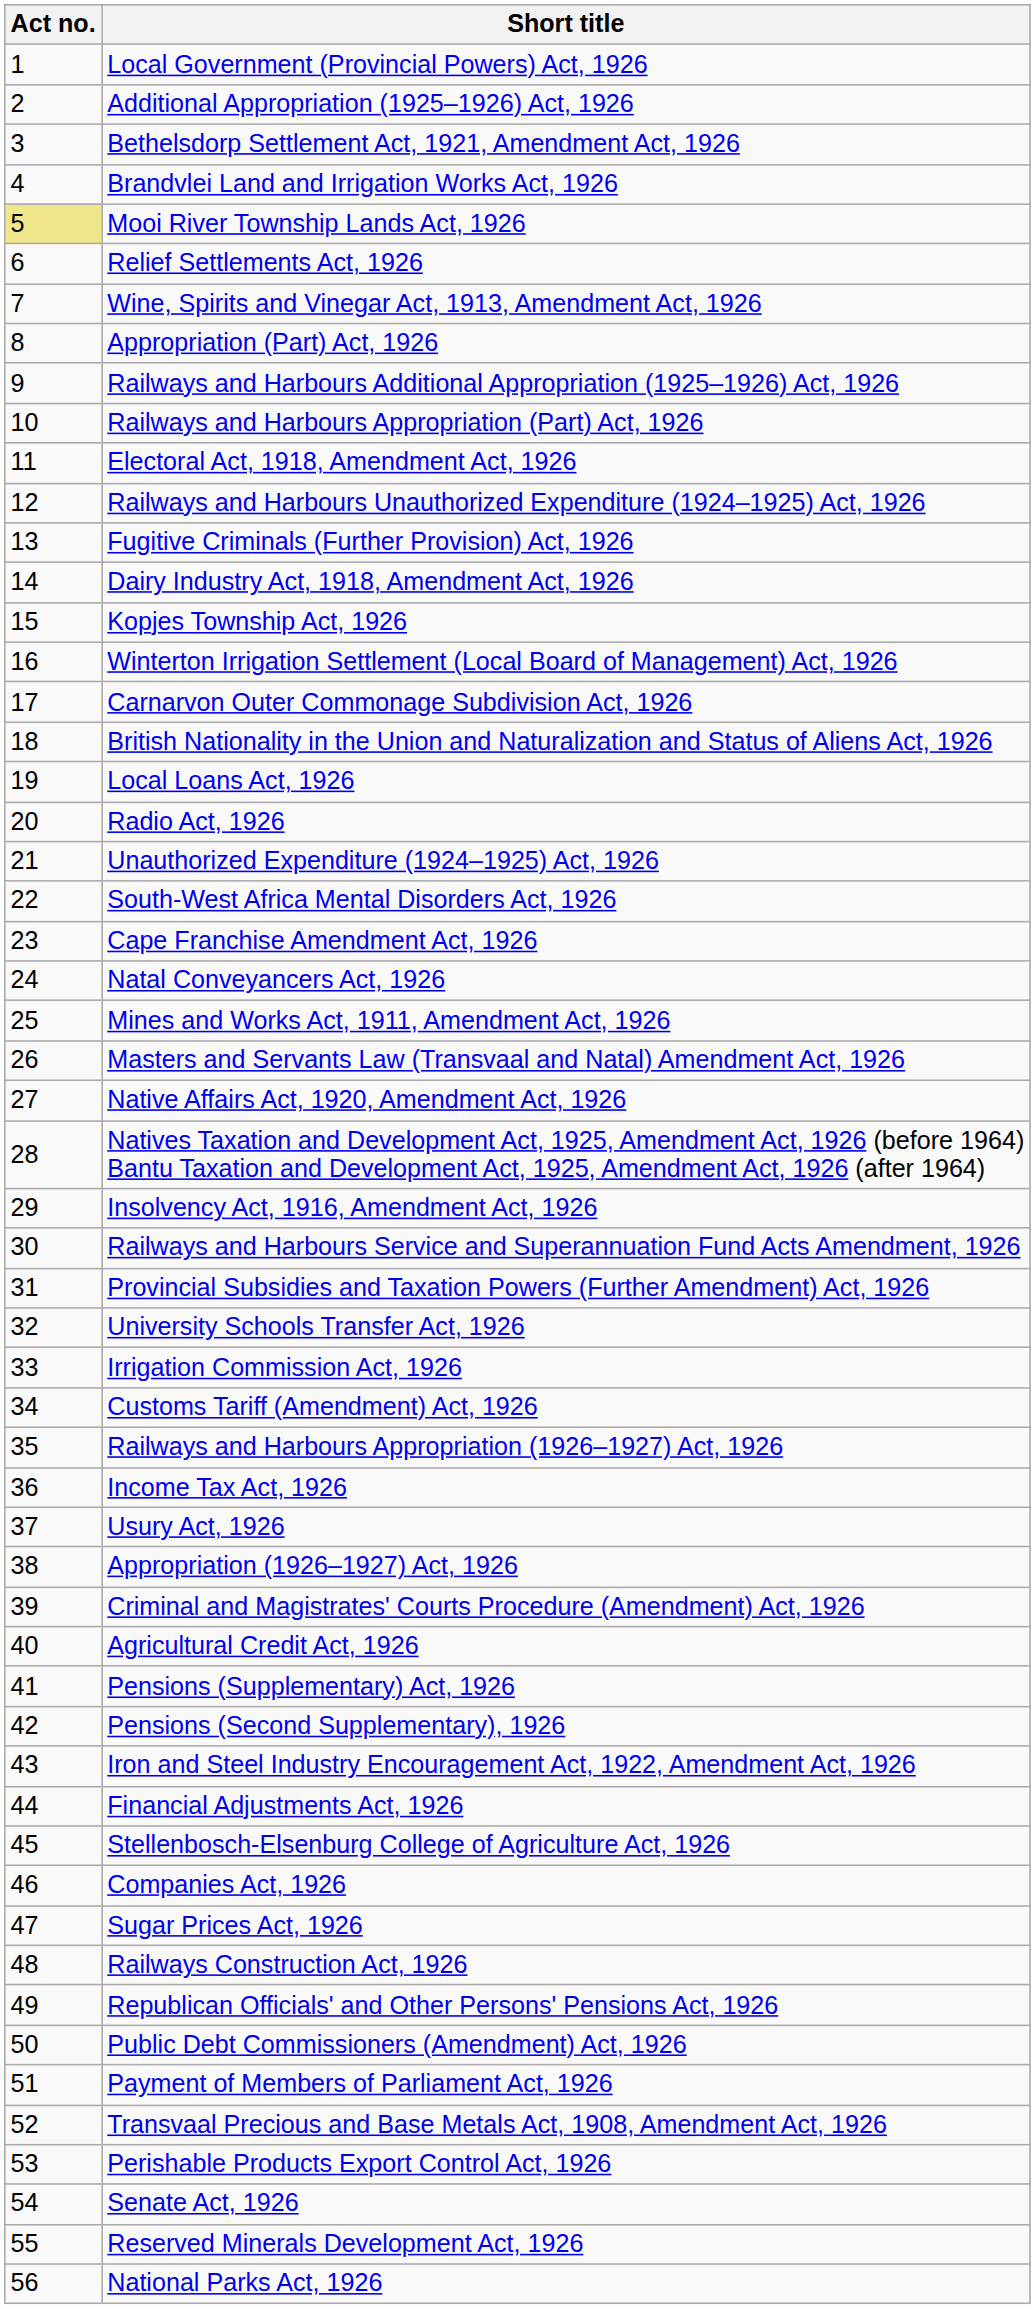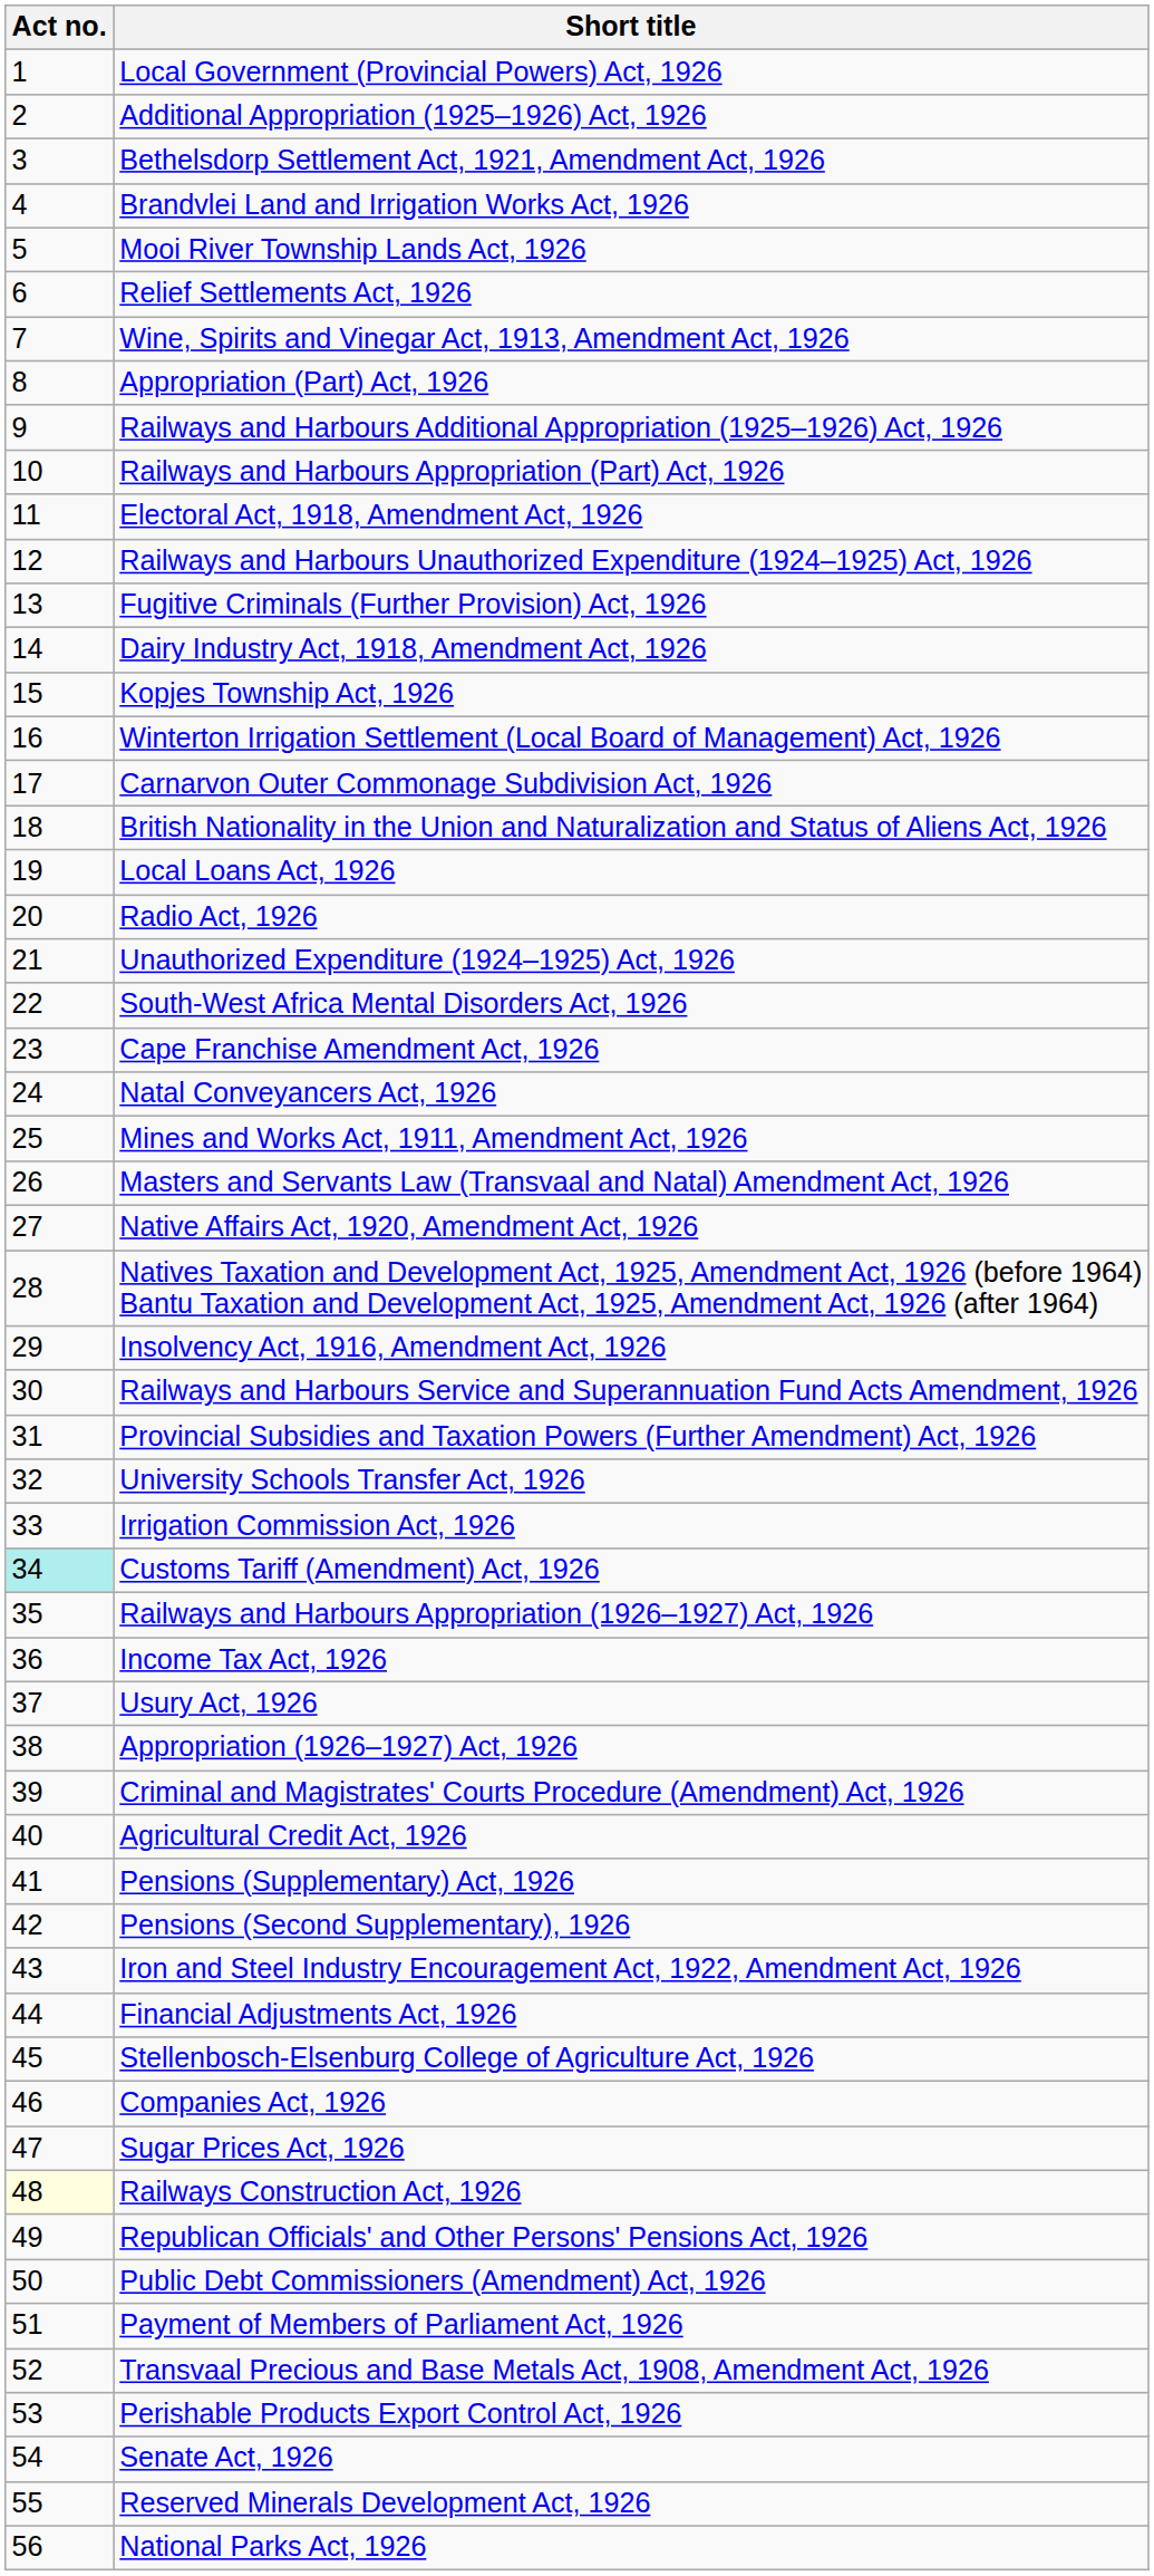 <table class="wikitable sortable">
 <tr>
 <th>Act no.</th>
 <th>Short title</th>
 </tr>
 <tr>
 <td>1</td>
 <td><a href='#'>Local Government (Provincial Powers) Act, 1926</a></td>
 </tr>
 <tr>
 <td>2</td>
 <td><a href='#'>Additional Appropriation (1925–1926) Act, 1926</a></td>
 </tr>
 <tr>
 <td>3</td>
 <td><a href='#'>Bethelsdorp Settlement Act, 1921, Amendment Act, 1926</a></td>
 </tr>
 <tr>
 <td>4</td>
 <td><a href='#'>Brandvlei Land and Irrigation Works Act, 1926</a></td>
 </tr>
 <tr>
-<td style="background: khaki;">5</td>
+<td>5</td>
 <td><a href='#'>Mooi River Township Lands Act, 1926</a></td>
 </tr>
 <tr>
 <td>6</td>
 <td><a href='#'>Relief Settlements Act, 1926</a></td>
 </tr>
 <tr>
 <td>7</td>
 <td><a href='#'>Wine, Spirits and Vinegar Act, 1913, Amendment Act, 1926</a></td>
 </tr>
 <tr>
 <td>8</td>
 <td><a href='#'>Appropriation (Part) Act, 1926</a></td>
 </tr>
 <tr>
 <td>9</td>
 <td><a href='#'>Railways and Harbours Additional Appropriation (1925–1926) Act, 1926</a></td>
 </tr>
 <tr>
 <td>10</td>
 <td><a href='#'>Railways and Harbours Appropriation (Part) Act, 1926</a></td>
 </tr>
 <tr>
 <td>11</td>
 <td><a href='#'>Electoral Act, 1918, Amendment Act, 1926</a></td>
 </tr>
 <tr>
 <td>12</td>
 <td><a href='#'>Railways and Harbours Unauthorized Expenditure (1924–1925) Act, 1926</a></td>
 </tr>
 <tr>
 <td>13</td>
 <td><a href='#'>Fugitive Criminals (Further Provision) Act, 1926</a></td>
 </tr>
 <tr>
 <td>14</td>
 <td><a href='#'>Dairy Industry Act, 1918, Amendment Act, 1926</a></td>
 </tr>
 <tr>
 <td>15</td>
 <td><a href='#'>Kopjes Township Act, 1926</a></td>
 </tr>
 <tr>
 <td>16</td>
 <td><a href='#'>Winterton Irrigation Settlement (Local Board of Management) Act, 1926</a></td>
 </tr>
 <tr>
 <td>17</td>
 <td><a href='#'>Carnarvon Outer Commonage Subdivision Act, 1926</a></td>
 </tr>
 <tr>
 <td>18</td>
 <td><a href='#'>British Nationality in the Union and Naturalization and Status of Aliens Act, 1926</a></td>
 </tr>
 <tr>
 <td>19</td>
 <td><a href='#'>Local Loans Act, 1926</a></td>
 </tr>
 <tr>
 <td>20</td>
 <td><a href='#'>Radio Act, 1926</a></td>
 </tr>
 <tr>
 <td>21</td>
 <td><a href='#'>Unauthorized Expenditure (1924–1925) Act, 1926</a></td>
 </tr>
 <tr>
 <td>22</td>
 <td><a href='#'>South-West Africa Mental Disorders Act, 1926</a></td>
 </tr>
 <tr>
 <td>23</td>
 <td><a href='#'>Cape Franchise Amendment Act, 1926</a></td>
 </tr>
 <tr>
 <td>24</td>
 <td><a href='#'>Natal Conveyancers Act, 1926</a></td>
 </tr>
 <tr>
 <td>25</td>
 <td><a href='#'>Mines and Works Act, 1911, Amendment Act, 1926</a></td>
 </tr>
 <tr>
 <td>26</td>
 <td><a href='#'>Masters and Servants Law (Transvaal and Natal) Amendment Act, 1926</a></td>
 </tr>
 <tr>
 <td>27</td>
 <td><a href='#'>Native Affairs Act, 1920, Amendment Act, 1926</a></td>
 </tr>
 <tr>
 <td>28</td>
 <td><a href='#'>Natives Taxation and Development Act, 1925, Amendment Act, 1926</a> (before 1964) <br><a href='#'>Bantu Taxation and Development Act, 1925, Amendment Act, 1926</a> (after 1964)</td>
 </tr>
 <tr>
 <td>29</td>
 <td><a href='#'>Insolvency Act, 1916, Amendment Act, 1926</a></td>
 </tr>
 <tr>
 <td>30</td>
 <td><a href='#'>Railways and Harbours Service and Superannuation Fund Acts Amendment, 1926</a></td>
 </tr>
 <tr>
 <td>31</td>
 <td><a href='#'>Provincial Subsidies and Taxation Powers (Further Amendment) Act, 1926</a></td>
 </tr>
 <tr>
 <td>32</td>
 <td><a href='#'>University Schools Transfer Act, 1926</a></td>
 </tr>
 <tr>
 <td>33</td>
 <td><a href='#'>Irrigation Commission Act, 1926</a></td>
 </tr>
 <tr>
-<td>34</td>
+<td style="background: paleturquoise;">34</td>
 <td><a href='#'>Customs Tariff (Amendment) Act, 1926</a></td>
 </tr>
 <tr>
 <td>35</td>
 <td><a href='#'>Railways and Harbours Appropriation (1926–1927) Act, 1926</a></td>
 </tr>
 <tr>
 <td>36</td>
 <td><a href='#'>Income Tax Act, 1926</a></td>
 </tr>
 <tr>
 <td>37</td>
 <td><a href='#'>Usury Act, 1926</a></td>
 </tr>
 <tr>
 <td>38</td>
 <td><a href='#'>Appropriation (1926–1927) Act, 1926</a></td>
 </tr>
 <tr>
 <td>39</td>
 <td><a href='#'>Criminal and Magistrates' Courts Procedure (Amendment) Act, 1926</a></td>
 </tr>
 <tr>
 <td>40</td>
 <td><a href='#'>Agricultural Credit Act, 1926</a></td>
 </tr>
 <tr>
 <td>41</td>
 <td><a href='#'>Pensions (Supplementary) Act, 1926</a></td>
 </tr>
 <tr>
 <td>42</td>
 <td><a href='#'>Pensions (Second Supplementary), 1926</a></td>
 </tr>
 <tr>
 <td>43</td>
 <td><a href='#'>Iron and Steel Industry Encouragement Act, 1922, Amendment Act, 1926</a></td>
 </tr>
 <tr>
 <td>44</td>
 <td><a href='#'>Financial Adjustments Act, 1926</a></td>
 </tr>
 <tr>
 <td>45</td>
 <td><a href='#'>Stellenbosch-Elsenburg College of Agriculture Act, 1926</a></td>
 </tr>
 <tr>
 <td>46</td>
 <td><a href='#'>Companies Act, 1926</a></td>
 </tr>
 <tr>
 <td>47</td>
 <td><a href='#'>Sugar Prices Act, 1926</a></td>
 </tr>
 <tr>
-<td>48</td>
+<td style="background: lightyellow;">48</td>
 <td><a href='#'>Railways Construction Act, 1926</a></td>
 </tr>
 <tr>
 <td>49</td>
 <td><a href='#'>Republican Officials' and Other Persons' Pensions Act, 1926</a></td>
 </tr>
 <tr>
 <td>50</td>
 <td><a href='#'>Public Debt Commissioners (Amendment) Act, 1926</a></td>
 </tr>
 <tr>
 <td>51</td>
 <td><a href='#'>Payment of Members of Parliament Act, 1926</a></td>
 </tr>
 <tr>
 <td>52</td>
 <td><a href='#'>Transvaal Precious and Base Metals Act, 1908, Amendment Act, 1926</a></td>
 </tr>
 <tr>
 <td>53</td>
 <td><a href='#'>Perishable Products Export Control Act, 1926</a></td>
 </tr>
 <tr>
 <td>54</td>
 <td><a href='#'>Senate Act, 1926</a></td>
 </tr>
 <tr>
 <td>55</td>
 <td><a href='#'>Reserved Minerals Development Act, 1926</a></td>
 </tr>
 <tr>
 <td>56</td>
 <td><a href='#'>National Parks Act, 1926</a></td>
 </tr>
 </table>
